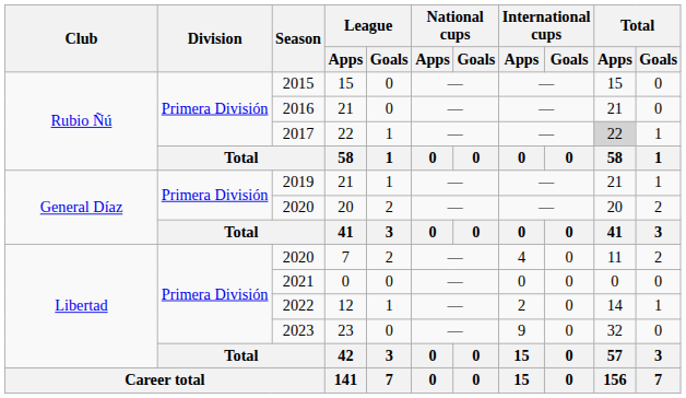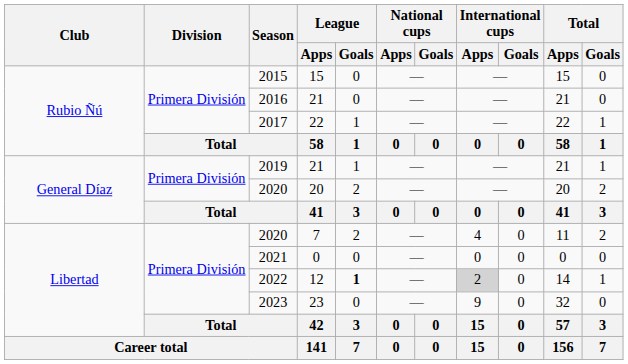 <table class="wikitable center" style="text-align:center">
 <tr>
 <th rowspan="2" width="150px">Club</th>
 <th rowspan="2">Division</th>
 <th rowspan="2">Season</th>
 <th colspan="2">League</th>
 <th colspan="2">National<br>cups</th>
 <th colspan="2">International<br>cups</th>
 <th colspan="2">Total</th>
 </tr>
 <tr>
 <th>Apps</th>
 <th>Goals</th>
 <th>Apps</th>
 <th>Goals</th>
 <th>Apps</th>
 <th>Goals</th>
 <th>Apps</th>
 <th>Goals</th>
 </tr>
 <tr>
 <td rowspan="4"><a href='#'>Rubio Ñú</a><br></td>
 <td rowspan="3"><a href='#'>Primera División</a></td>
 <td>2015</td>
 <td>15</td>
 <td>0</td>
 <td colspan="2">—</td>
 <td colspan="2">—</td>
 <td>15</td>
 <td>0</td>
 </tr>
 <tr>
 <td>2016</td>
 <td>21</td>
 <td>0</td>
 <td colspan="2">—</td>
 <td colspan="2">—</td>
 <td>21</td>
 <td>0</td>
 </tr>
 <tr>
 <td>2017</td>
 <td>22</td>
 <td>1</td>
 <td colspan="2">—</td>
 <td colspan="2">—</td>
-<td style="background: lightgrey;">22</td>
+<td>22</td>
 <td>1</td>
 </tr>
 <tr>
 <th colspan="2">Total</th>
 <th>58</th>
 <th>1</th>
 <th>0</th>
 <th>0</th>
 <th>0</th>
 <th>0</th>
 <th>58</th>
 <th>1</th>
 </tr>
 <tr>
 <td rowspan="3"><a href='#'>General Díaz</a><br></td>
 <td rowspan="2"><a href='#'>Primera División</a></td>
 <td>2019</td>
 <td>21</td>
 <td>1</td>
 <td colspan="2">—</td>
 <td colspan="2">—</td>
 <td>21</td>
 <td>1</td>
 </tr>
 <tr>
 <td>2020</td>
 <td>20</td>
 <td>2</td>
 <td colspan="2">—</td>
 <td colspan="2">—</td>
 <td>20</td>
 <td>2</td>
 </tr>
 <tr>
 <th colspan="2">Total</th>
 <th>41</th>
 <th>3</th>
 <th>0</th>
 <th>0</th>
 <th>0</th>
 <th>0</th>
 <th>41</th>
 <th>3</th>
 </tr>
 <tr>
 <td rowspan="5"><a href='#'>Libertad</a><br></td>
 <td rowspan="4"><a href='#'>Primera División</a></td>
 <td>2020</td>
 <td>7</td>
 <td>2</td>
 <td colspan="2">—</td>
 <td>4</td>
 <td>0</td>
 <td>11</td>
 <td>2</td>
 </tr>
 <tr>
 <td>2021</td>
 <td>0</td>
 <td>0</td>
 <td colspan="2">—</td>
 <td>0</td>
 <td>0</td>
 <td>0</td>
 <td>0</td>
 </tr>
 <tr>
 <td>2022</td>
 <td>12</td>
-<td>1</td>
+<td><strong>1</strong></td>
 <td colspan="2">—</td>
-<td>2</td>
+<td style="background: lightgrey;">2</td>
 <td>0</td>
 <td>14</td>
 <td>1</td>
 </tr>
 <tr>
 <td>2023</td>
 <td>23</td>
 <td>0</td>
 <td colspan="2">—</td>
 <td>9</td>
 <td>0</td>
 <td>32</td>
 <td>0</td>
 </tr>
 <tr>
 <th colspan="2">Total</th>
 <th>42</th>
 <th>3</th>
 <th>0</th>
 <th>0</th>
 <th>15</th>
 <th>0</th>
 <th>57</th>
 <th>3</th>
 </tr>
 <tr>
 <th colspan="3">Career total</th>
 <th>141</th>
 <th>7</th>
 <th>0</th>
 <th>0</th>
 <th>15</th>
 <th>0</th>
 <th>156</th>
 <th>7</th>
 </tr>
 </table>
